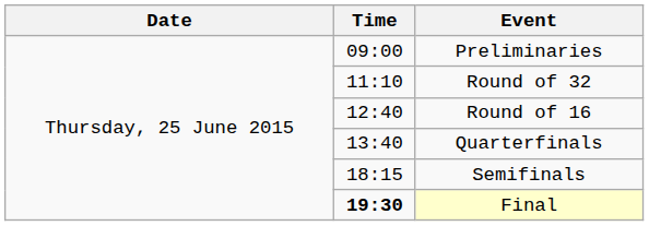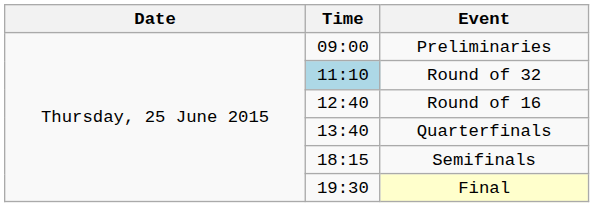 <table class = "wikitable" style="text-align:center;">
 <tr>
 <th width=220>Date</th>
 <th width=50>Time</th>
 <th width=150>Event</th>
 </tr>
 <tr>
 <td rowspan=6>Thursday, 25 June 2015</td>
 <td>09:00</td>
 <td>Preliminaries</td>
 </tr>
 <tr>
-<td>11:10</td>
+<td style="background: lightblue;">11:10</td>
 <td>Round of 32</td>
 </tr>
 <tr>
 <td>12:40</td>
 <td>Round of 16</td>
 </tr>
 <tr>
 <td>13:40</td>
 <td>Quarterfinals</td>
 </tr>
 <tr>
 <td>18:15</td>
 <td>Semifinals</td>
 </tr>
 <tr>
-<td><strong>19:30</strong></td>
+<td>19:30</td>
 <td bgcolor=ffffcc>Final</td>
 </tr>
 </table>
